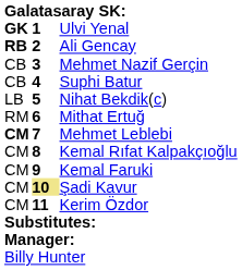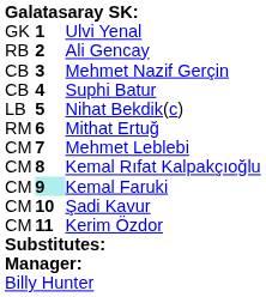 <table style="font-size: 90%" cellspacing="0" cellpadding="0">
 <tr>
 <td colspan="4"><strong>Galatasaray SK:</strong></td>
 </tr>
 <tr>
 <th width="25"></th>
 <th width="25"></th>
 </tr>
 <tr>
-<td><strong>GK</strong></td>
+<td>GK</td>
 <td><strong>1</strong></td>
 <td> <a href='#'>Ulvi Yenal</a></td>
 </tr>
 <tr>
-<td><strong>RB</strong></td>
+<td>RB</td>
 <td><strong>2</strong></td>
 <td> <a href='#'>Ali Gencay</a></td>
 </tr>
 <tr>
 <td>CB</td>
 <td><strong>3</strong></td>
 <td> <a href='#'>Mehmet Nazif Gerçin</a></td>
 </tr>
 <tr>
 <td>CB</td>
 <td><strong>4</strong></td>
 <td> <a href='#'>Suphi Batur</a></td>
 </tr>
 <tr>
 <td>LB</td>
 <td><strong>5</strong></td>
 <td> <a href='#'>Nihat Bekdik</a>(<a href='#'>c</a>)</td>
 </tr>
 <tr>
 <td>RM</td>
 <td><strong>6</strong></td>
 <td> <a href='#'>Mithat Ertuğ</a></td>
 </tr>
 <tr>
-<td><strong>CM</strong></td>
+<td>CM</td>
 <td><strong>7</strong></td>
 <td> <a href='#'>Mehmet Leblebi</a></td>
 </tr>
 <tr>
 <td>CM</td>
 <td><strong>8</strong></td>
 <td> <a href='#'>Kemal Rıfat Kalpakçıoğlu</a></td>
 </tr>
 <tr>
 <td>CM</td>
-<td><strong>9</strong></td>
+<td style="background: paleturquoise;"><strong>9</strong></td>
 <td> <a href='#'>Kemal Faruki</a></td>
 </tr>
 <tr>
 <td>CM</td>
-<td style="background: khaki;"><strong>10</strong></td>
+<td><strong>10</strong></td>
 <td> <a href='#'>Şadi Kavur</a></td>
 </tr>
 <tr>
 <td>CM</td>
 <td><strong>11</strong></td>
 <td> <a href='#'>Kerim Özdor</a></td>
 </tr>
 <tr>
 <td colspan=4><strong>Substitutes:</strong></td>
 </tr>
 <tr>
 <td colspan=4><strong>Manager:</strong></td>
 </tr>
 <tr>
 <td colspan="4"> <a href='#'>Billy Hunter</a></td>
 </tr>
 </table>
